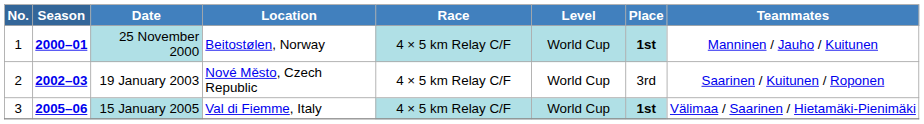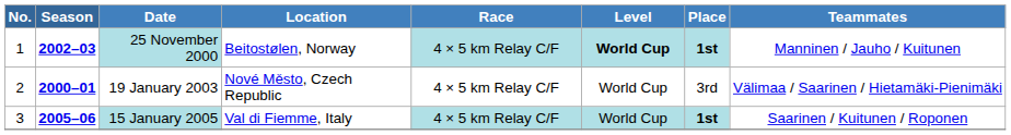 <table class="wikitable sortable" style="font-size:95%; text-align:center; border:grey solid 1px; border-collapse:collapse; background:#ffffff;">
 <tr style="background:#efefef;">
 <th style="background-color:#369; color:white;">No.</th>
 <th style="background-color:#369; color:white;">Season</th>
 <th style="background-color:#4180be; color:white; width:120px;">Date</th>
 <th style="background-color:#4180be; color:white; width:190px;">Location</th>
 <th style="background-color:#4180be; color:white; width:170px;">Race</th>
 <th style="background-color:#4180be; color:white; width:100px;">Level</th>
 <th style="background-color:#4180be; color:white;">Place</th>
 <th style="background-color:#4180be; color:white;">Teammates</th>
 </tr>
 <tr>
 <td align=center>1</td>
-<td rowspan=1 align=center><strong><a href='#'>2000–01</a></strong></td>
+<td rowspan=1 align=center><strong><a href='#'>2002–03</a></strong></td>
 <td bgcolor="#BOEOE6" align=right>25 November 2000</td>
 <td align=left> <a href='#'>Beitostølen</a>, Norway</td>
 <td bgcolor="#BOEOE6">4 × 5 km Relay C/F</td>
-<td bgcolor="#BOEOE6">World Cup</td>
+<td bgcolor="#BOEOE6"><strong>World Cup</strong></td>
 <td bgcolor="#BOEOE6"><strong>1st</strong></td>
 <td><a href='#'>Manninen</a> / <a href='#'>Jauho</a> / <a href='#'>Kuitunen</a></td>
 </tr>
 <tr>
 <td align=center>2</td>
-<td rowspan=1 align=center><strong><a href='#'>2002–03</a></strong></td>
+<td rowspan=1 align=center><strong><a href='#'>2000–01</a></strong></td>
 <td align=right>19 January 2003</td>
 <td align=left> <a href='#'>Nové Město</a>, Czech Republic</td>
 <td>4 × 5 km Relay C/F</td>
 <td>World Cup</td>
 <td>3rd</td>
-<td><a href='#'>Saarinen</a> / <a href='#'>Kuitunen</a> / <a href='#'>Roponen</a></td>
+<td><a href='#'>Välimaa</a> / <a href='#'>Saarinen</a> / <a href='#'>Hietamäki-Pienimäki</a></td>
 </tr>
 <tr>
 <td align=center>3</td>
 <td rowspan=1 align=center><strong><a href='#'>2005–06</a></strong></td>
 <td bgcolor="#BOEOE6" align=right>15 January 2005</td>
 <td align=left> <a href='#'>Val di Fiemme</a>, Italy</td>
 <td bgcolor="#BOEOE6">4 × 5 km Relay C/F</td>
 <td bgcolor="#BOEOE6">World Cup</td>
 <td bgcolor="#BOEOE6"><strong>1st</strong></td>
-<td><a href='#'>Välimaa</a> / <a href='#'>Saarinen</a> / <a href='#'>Hietamäki-Pienimäki</a></td>
+<td><a href='#'>Saarinen</a> / <a href='#'>Kuitunen</a> / <a href='#'>Roponen</a></td>
 </tr>
 <tr>
 </tr>
 </table>
